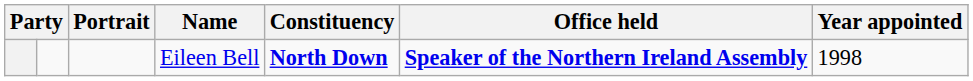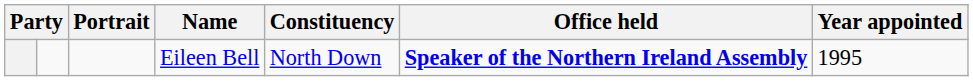 <table class="wikitable sortable">
 <tr>
 <th colspan=2>Party</th>
 <th>Portrait</th>
 <th>Name</th>
 <th>Constituency</th>
 <th>Office held</th>
 <th>Year appointed</th>
 </tr>
 <tr>
 <th style="background-color: "></th>
 <td></td>
 <td></td>
 <td><a href='#'>Eileen Bell</a></td>
-<td><strong><a href='#'>North Down</a></strong></td>
+<td><a href='#'>North Down</a></td>
 <td><strong><a href='#'>Speaker of the Northern Ireland Assembly</a></strong></td>
-<td>1998</td>
+<td>1995</td>
 </tr>
 </table>
